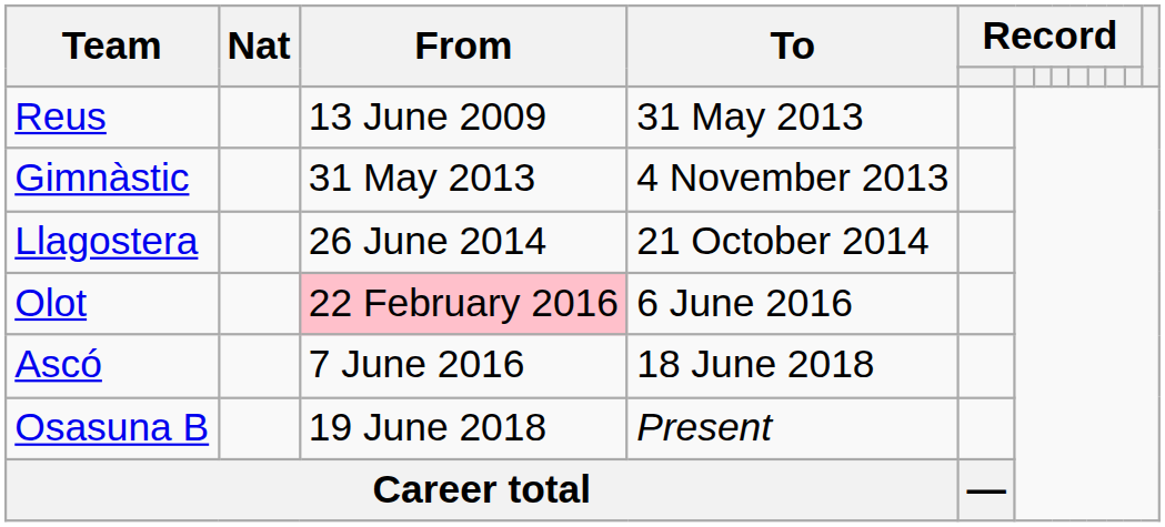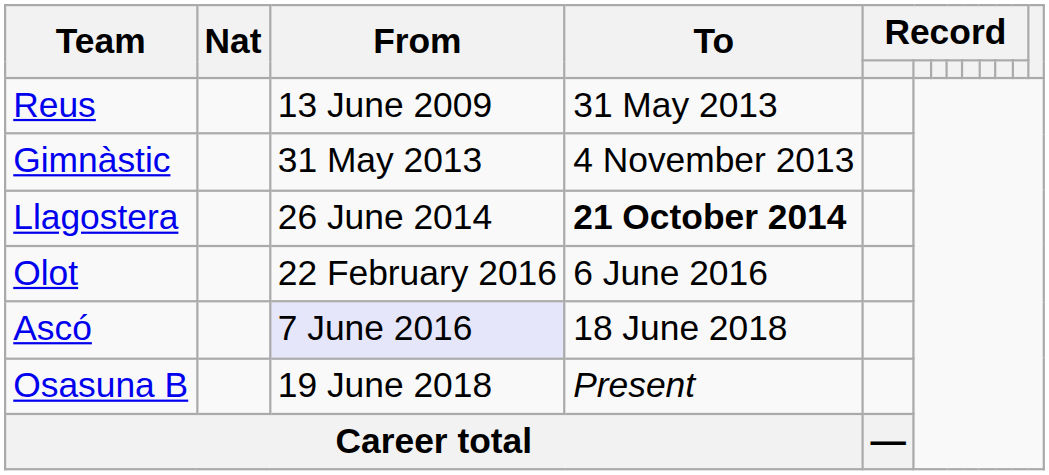 <table class="wikitable" style="text-align: center">
 <tr>
 <th rowspan="2">Team</th>
 <th rowspan="2">Nat</th>
 <th rowspan="2">From</th>
 <th rowspan="2">To</th>
 <th colspan="8">Record</th>
 <th rowspan=2></th>
 </tr>
 <tr>
 <th></th>
 <th></th>
 <th></th>
 <th></th>
 <th></th>
 <th></th>
 <th></th>
 <th></th>
 </tr>
 <tr>
 <td align="left"><a href='#'>Reus</a></td>
 <td></td>
 <td align=left>13 June 2009</td>
 <td align=left>31 May 2013<br></td>
 <td></td>
 </tr>
 <tr>
 <td align="left"><a href='#'>Gimnàstic</a></td>
 <td></td>
 <td align=left>31 May 2013</td>
 <td align=left>4 November 2013<br></td>
 <td></td>
 </tr>
 <tr>
 <td align="left"><a href='#'>Llagostera</a></td>
 <td></td>
 <td align=left>26 June 2014</td>
-<td align=left>21 October 2014<br></td>
+<td align=left><strong>21 October 2014<br></strong></td>
 <td></td>
 </tr>
 <tr>
 <td align="left"><a href='#'>Olot</a></td>
 <td></td>
-<td align=left style="background: pink;">22 February 2016</td>
+<td align=left>22 February 2016</td>
 <td align=left>6 June 2016<br></td>
 <td></td>
 </tr>
 <tr>
 <td align="left"><a href='#'>Ascó</a></td>
 <td></td>
-<td align=left>7 June 2016</td>
+<td align=left style="background: lavender;">7 June 2016</td>
 <td align=left>18 June 2018<br></td>
 <td></td>
 </tr>
 <tr>
 <td align="left"><a href='#'>Osasuna B</a></td>
 <td></td>
 <td align=left>19 June 2018</td>
 <td align=left><em>Present</em><br></td>
 <td></td>
 </tr>
 <tr>
 <th colspan=4>Career total<br></th>
 <th>—</th>
 </tr>
 </table>
